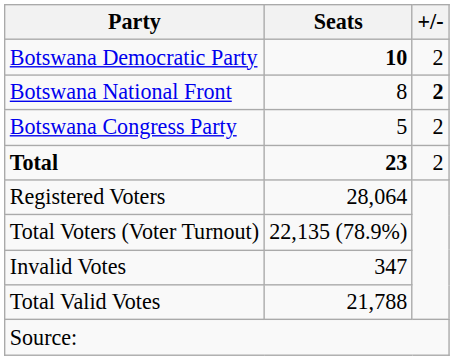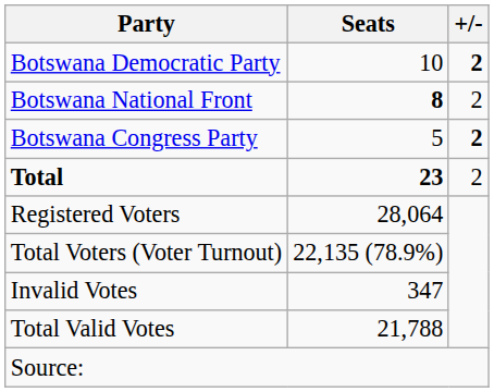 <table class=wikitable style=text-align:right>
 <tr>
 <th>Party</th>
 <th>Seats</th>
 <th>+/-</th>
 </tr>
 <tr>
 <td align=left><a href='#'>Botswana Democratic Party</a></td>
-<td><strong>10</strong></td>
-<td>2</td>
+<td>10</td>
+<td><strong>2</strong></td>
 </tr>
 <tr>
 <td align=left><a href='#'>Botswana National Front</a></td>
-<td>8</td>
-<td><strong>2</strong></td>
+<td><strong>8</strong></td>
+<td>2</td>
 </tr>
 <tr>
 <td align=left><a href='#'>Botswana Congress Party</a></td>
 <td>5</td>
-<td>2</td>
+<td><strong>2</strong></td>
 </tr>
 <tr>
 <td align=left><strong>Total</strong></td>
 <td><strong>23</strong></td>
 <td>2</td>
 </tr>
 <tr>
 <td align=left>Registered Voters</td>
 <td>28,064</td>
 </tr>
 <tr>
 <td align=left>Total Voters (Voter Turnout)</td>
 <td>22,135 (78.9%)</td>
 </tr>
 <tr>
 <td align=left>Invalid Votes</td>
 <td>347</td>
 </tr>
 <tr>
 <td align=left>Total Valid Votes</td>
 <td>21,788</td>
 </tr>
 <tr>
 <td colspan=4 align=left>Source: </td>
 </tr>
 </table>
